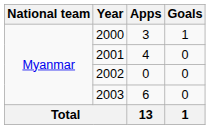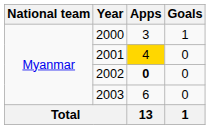 <table class="wikitable" style="text-align:center">
 <tr>
 <th>National team</th>
 <th>Year</th>
 <th>Apps</th>
 <th>Goals</th>
 </tr>
 <tr>
 <td rowspan="4"><a href='#'>Myanmar</a></td>
 <td>2000</td>
 <td>3</td>
 <td>1</td>
 </tr>
 <tr>
 <td>2001</td>
-<td>4</td>
+<td style="background: gold;">4</td>
 <td>0</td>
 </tr>
 <tr>
 <td>2002</td>
-<td>0</td>
+<td><strong>0</strong></td>
 <td>0</td>
 </tr>
 <tr>
 <td>2003</td>
 <td>6</td>
 <td>0</td>
 </tr>
 <tr>
 <th colspan=2>Total</th>
 <th>13</th>
 <th>1</th>
 </tr>
 </table>
